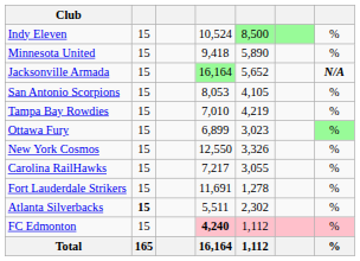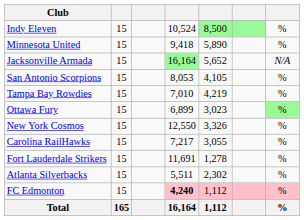 <table class="wikitable sortable" style="text-align:center;">
 <tr>
 <th width=160>Club</th>
 <th></th>
 <th width=45></th>
 <th width=45></th>
 <th width=45></th>
 <th width=45></th>
 <th width=45></th>
 </tr>
 <tr>
 <td style="text-align:left;"><a href='#'>Indy Eleven</a></td>
 <td>15</td>
 <td></td>
 <td>10,524</td>
 <td style="background:#98fb98;">8,500</td>
 <td style="background:#98fb98;"></td>
 <td>%</td>
 </tr>
 <tr>
 <td style="text-align:left;"><a href='#'>Minnesota United</a></td>
 <td>15</td>
 <td></td>
 <td>9,418</td>
 <td>5,890</td>
 <td></td>
 <td>%</td>
 </tr>
 <tr>
 <td style="text-align:left;"><a href='#'>Jacksonville Armada</a></td>
 <td>15</td>
 <td></td>
 <td style="background:#98fb98;">16,164</td>
 <td>5,652</td>
 <td></td>
-<td><strong><em>N/A</em></strong></td>
+<td><em>N/A</em></td>
 </tr>
 <tr>
 <td style="text-align:left;"><a href='#'>San Antonio Scorpions</a></td>
 <td>15</td>
 <td></td>
 <td>8,053</td>
 <td>4,105</td>
 <td></td>
 <td>%</td>
 </tr>
 <tr>
 <td style="text-align:left;"><a href='#'>Tampa Bay Rowdies</a></td>
 <td>15</td>
 <td></td>
 <td>7,010</td>
 <td>4,219</td>
 <td></td>
 <td>%</td>
 </tr>
 <tr>
 <td style="text-align:left;"><a href='#'>Ottawa Fury</a></td>
 <td>15</td>
 <td></td>
 <td>6,899</td>
 <td>3,023</td>
 <td></td>
 <td style="background:#98fb98;">%</td>
 </tr>
 <tr>
 <td style="text-align:left;"><a href='#'>New York Cosmos</a></td>
 <td>15</td>
 <td></td>
 <td>12,550</td>
 <td>3,326</td>
 <td></td>
 <td>%</td>
 </tr>
 <tr>
 <td style="text-align:left;"><a href='#'>Carolina RailHawks</a></td>
 <td>15</td>
 <td></td>
 <td>7,217</td>
 <td>3,055</td>
 <td></td>
 <td>%</td>
 </tr>
 <tr>
 <td style="text-align:left;"><a href='#'>Fort Lauderdale Strikers</a></td>
 <td>15</td>
 <td></td>
 <td>11,691</td>
 <td>1,278</td>
 <td></td>
 <td>%</td>
 </tr>
 <tr>
 <td style="text-align:left;"><a href='#'>Atlanta Silverbacks</a></td>
-<td><strong>15</strong></td>
+<td>15</td>
 <td></td>
 <td>5,511</td>
 <td>2,302</td>
 <td></td>
 <td>%</td>
 </tr>
 <tr>
 <td style="text-align:left;"><a href='#'>FC Edmonton</a></td>
 <td>15</td>
 <td></td>
 <td style="background:pink;"><strong>4,240</strong></td>
 <td style="background:pink;">1,112</td>
 <td style="background:pink;"></td>
 <td style="background:pink;">%</td>
 </tr>
 <tr>
 <th>Total</th>
 <th>165</th>
 <th></th>
 <th>16,164</th>
 <th>1,112</th>
 <th></th>
 <th>%</th>
 </tr>
 </table>
